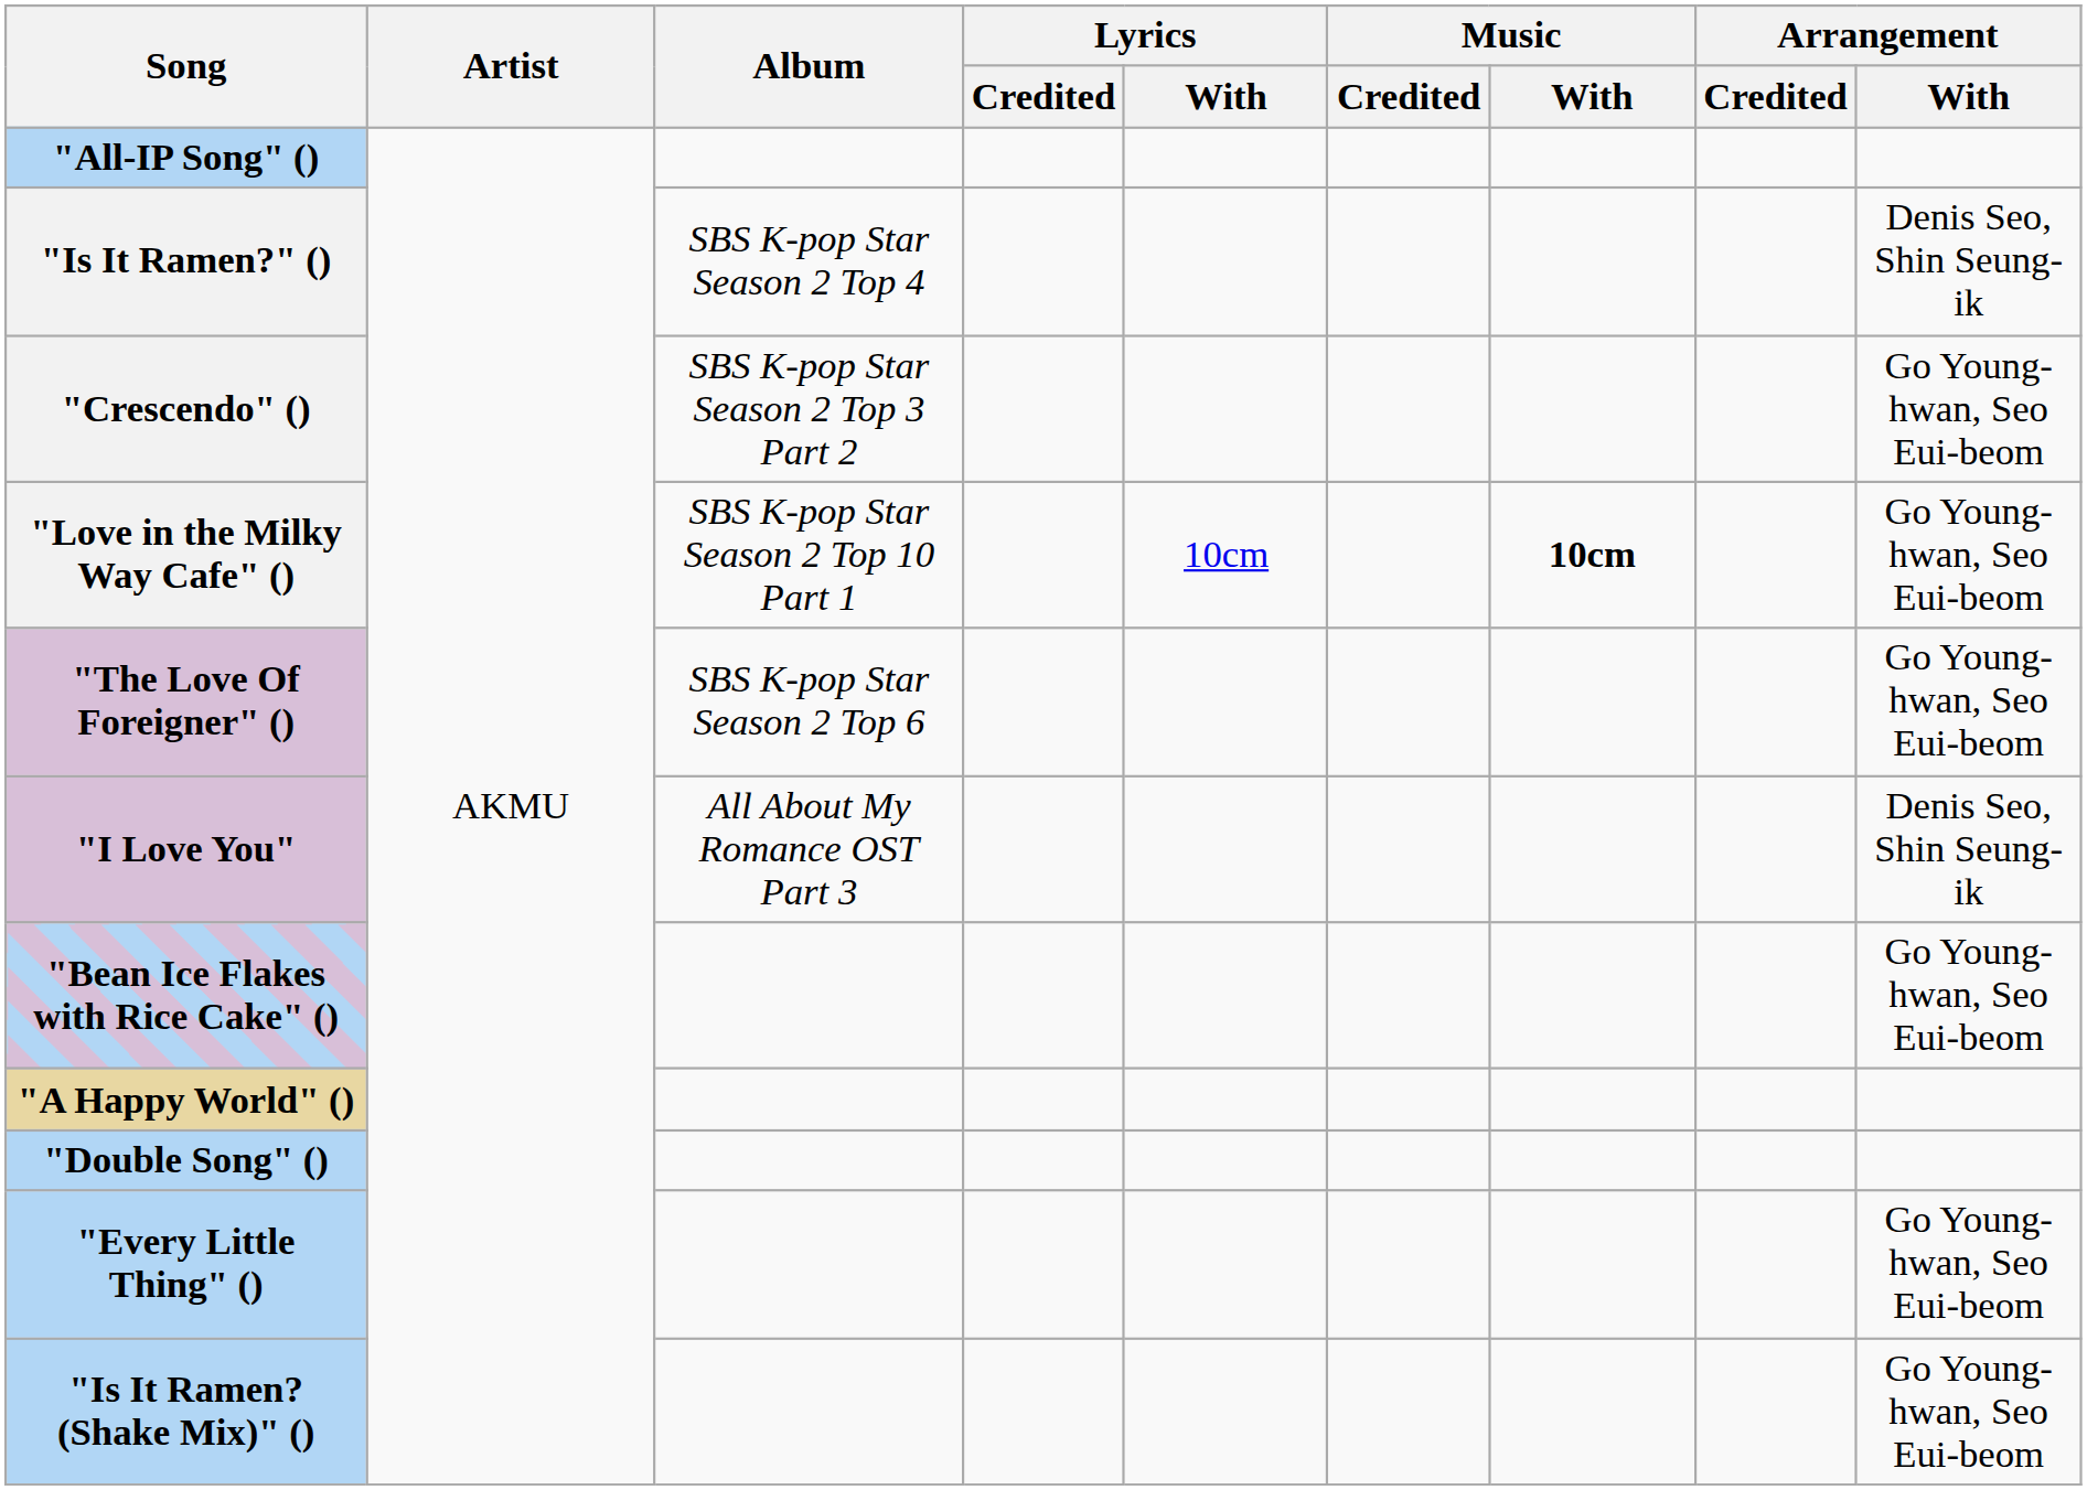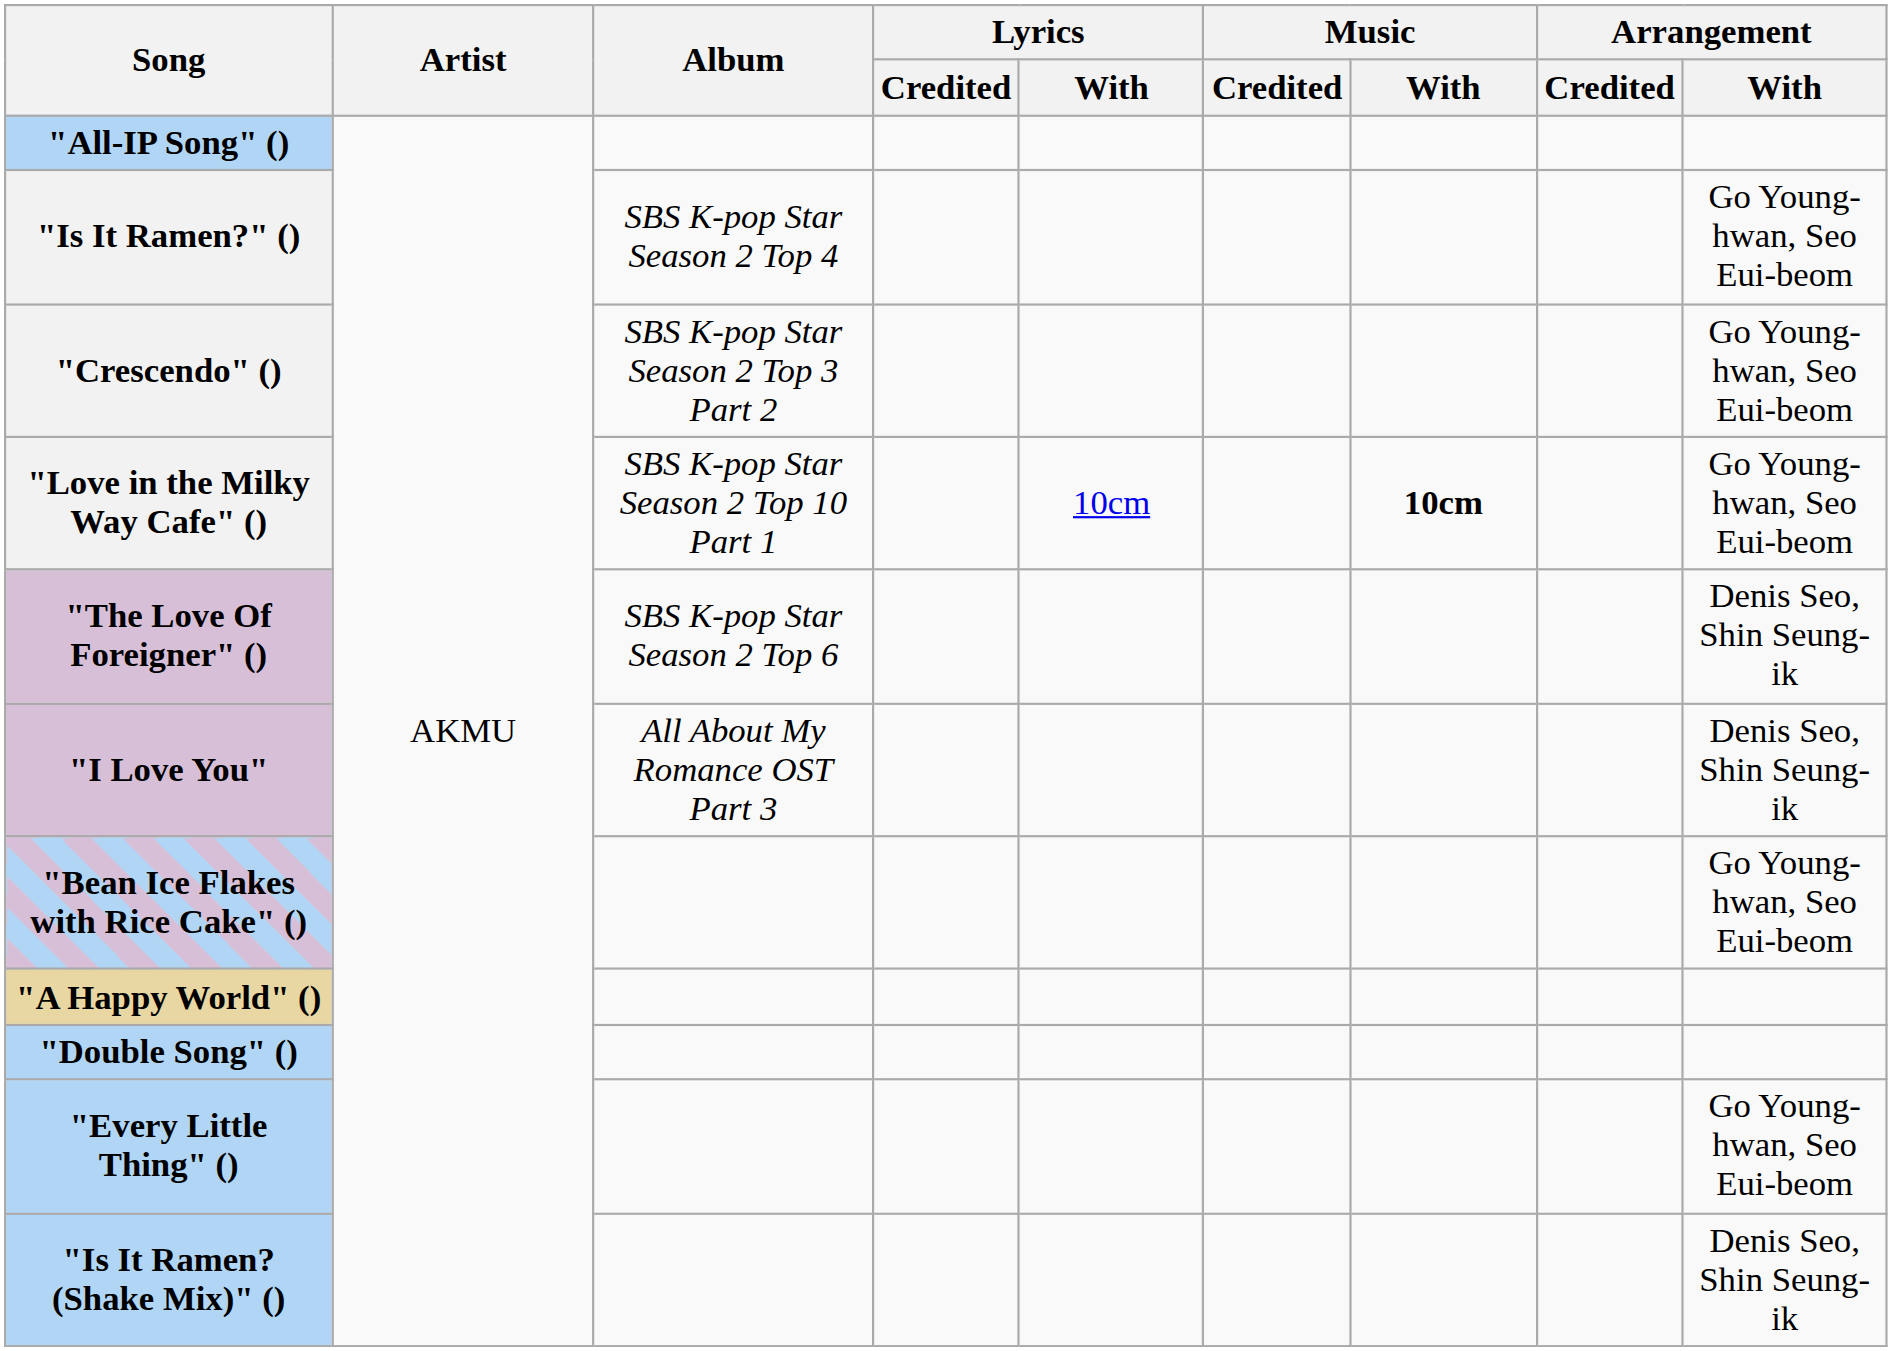 <table class="wikitable plainrowheaders" style="text-align:center;">
 <tr>
 <th rowspan="2" width="300px">Song</th>
 <th rowspan="2" width="300px">Artist</th>
 <th rowspan="2" width="300px">Album</th>
 <th colspan="2">Lyrics</th>
 <th colspan="2">Music</th>
 <th colspan="2">Arrangement</th>
 </tr>
 <tr>
 <th width="50px">Credited</th>
 <th width="200px">With</th>
 <th width="50px">Credited</th>
 <th width="200px">With</th>
 <th width="50px">Credited</th>
 <th width="200px">With</th>
 </tr>
 <tr>
 <th scope="row" style="background-color:#b1d6f5">"All-IP Song" () <br>  </th>
 <td rowspan="11">AKMU</td>
 <td></td>
 <td></td>
 <td></td>
 <td></td>
 <td></td>
 <td></td>
 <td></td>
 </tr>
 <tr>
 <th scope="row">"Is It Ramen?" ()</th>
 <td><em>SBS K-pop Star Season 2 Top 4</em></td>
 <td></td>
 <td></td>
 <td></td>
 <td></td>
 <td></td>
-<td>Denis Seo, Shin Seung-ik</td>
+<td>Go Young-hwan, Seo Eui-beom</td>
 </tr>
 <tr>
 <th scope="row">"Crescendo" ()</th>
 <td><em>SBS K-pop Star Season 2 Top 3 Part 2</em></td>
 <td></td>
 <td></td>
 <td></td>
 <td></td>
 <td></td>
 <td>Go Young-hwan, Seo Eui-beom</td>
 </tr>
 <tr>
 <th scope="row">"Love in the Milky Way Cafe" ()</th>
 <td><em>SBS K-pop Star Season 2 Top 10 Part 1</em></td>
 <td></td>
 <td><a href='#'>10cm</a></td>
 <td></td>
 <td><strong>10cm</strong></td>
 <td></td>
 <td>Go Young-hwan, Seo Eui-beom</td>
 </tr>
 <tr>
 <th scope="row" style="background-color:#D8BFD8">"The Love Of Foreigner" () </th>
 <td><em>SBS K-pop Star Season 2 Top 6</em></td>
 <td></td>
 <td></td>
 <td></td>
 <td></td>
 <td></td>
-<td>Go Young-hwan, Seo Eui-beom</td>
+<td>Denis Seo, Shin Seung-ik</td>
 </tr>
 <tr>
 <th scope="row" style="background-color:#D8BFD8">"I Love You" </th>
 <td><em>All About My Romance OST Part 3</em></td>
 <td></td>
 <td></td>
 <td></td>
 <td></td>
 <td></td>
 <td>Denis Seo, Shin Seung-ik</td>
 </tr>
 <tr>
 <th scope="row" style="background: repeating-linear-gradient(45deg, #D8BFD8, #D8BFD8 10px, #b1d6f5 10px, #b1d6f5 20px);">"Bean Ice Flakes with Rice Cake" ()  </th>
 <td></td>
 <td></td>
 <td></td>
 <td></td>
 <td></td>
 <td></td>
 <td>Go Young-hwan, Seo Eui-beom</td>
 </tr>
 <tr>
 <th scope="row" style="background-color:#e8d7a2">"A Happy World" ()  </th>
 <td></td>
 <td></td>
 <td></td>
 <td></td>
 <td></td>
 <td></td>
 <td></td>
 </tr>
 <tr>
 <th scope="row" style="background-color:#b1d6f5">"Double Song" () <br>  </th>
 <td></td>
 <td></td>
 <td></td>
 <td></td>
 <td></td>
 <td></td>
 <td></td>
 </tr>
 <tr>
 <th scope="row" style="background-color:#b1d6f5">"Every Little Thing" ()  </th>
 <td></td>
 <td></td>
 <td></td>
 <td></td>
 <td></td>
 <td></td>
 <td>Go Young-hwan, Seo Eui-beom</td>
 </tr>
 <tr>
 <th scope="row" style="background-color:#b1d6f5">"Is It Ramen? (Shake Mix)" ()  </th>
 <td></td>
 <td></td>
 <td></td>
 <td></td>
 <td></td>
 <td></td>
-<td>Go Young-hwan, Seo Eui-beom</td>
+<td>Denis Seo, Shin Seung-ik</td>
 </tr>
 </table>
